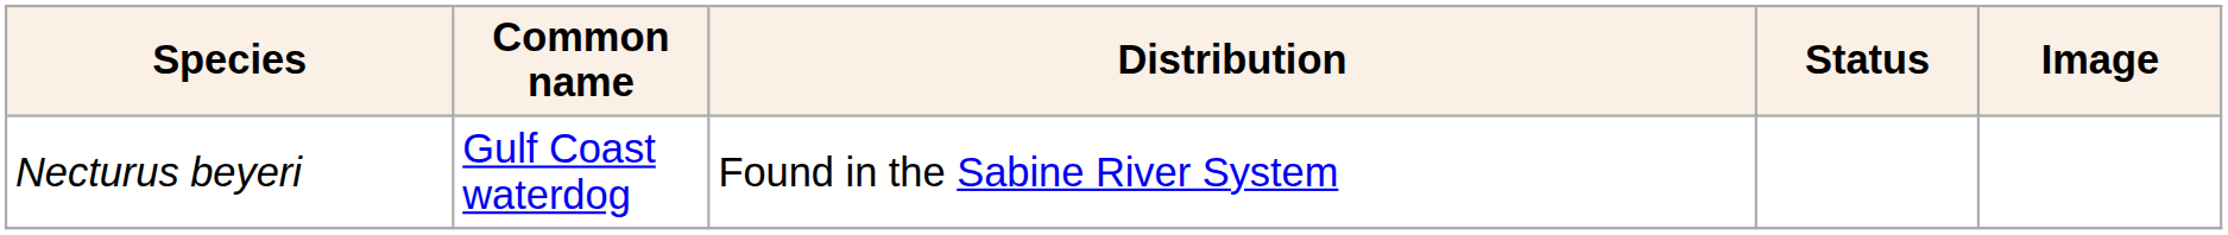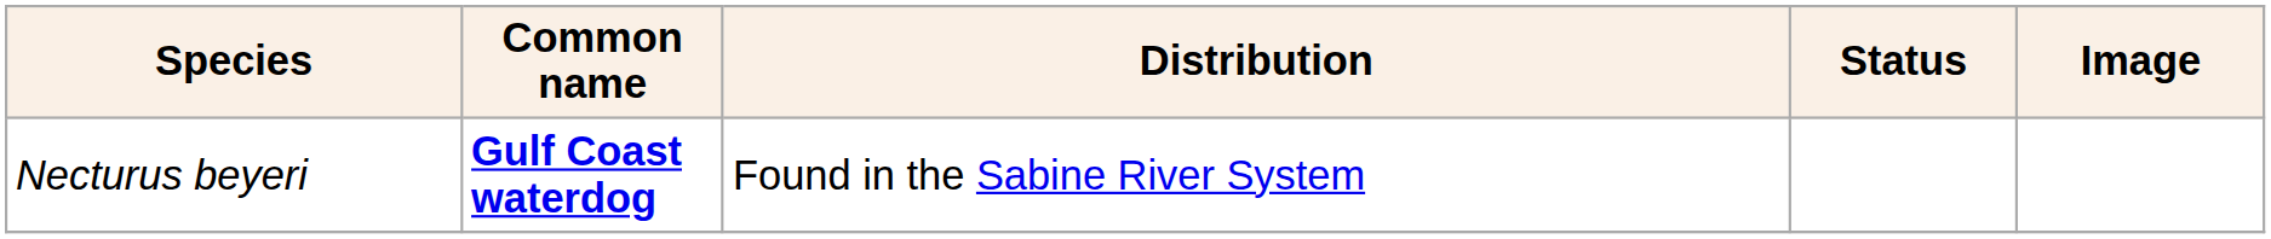 <table class="sortable wikitable plainrowheaders" border="0" style="background:#ffffff" align="top" class="sortable wikitable">
 <tr –>
 <th scope="col" style="background-color:Linen; color:Black" width=200 px>Species</th>
 <th scope="col" style="background-color:Linen; color:Black" width=100 px>Common name</th>
 <th scope="col" style="background:Linen; color:Black" width=500 px>Distribution</th>
 <th scope="col" style="background-color:Linen; color:Black" width=90 px>Status</th>
 <th scope="col" style="background:Linen; color:Black" width=100 px>Image</th>
 </tr>
 <tr>
 <td !scope="row" style="background:#ffffff"><em>Necturus beyeri</em></td>
-<td><a href='#'>Gulf Coast waterdog</a></td>
+<td><strong><a href='#'>Gulf Coast waterdog</a></strong></td>
 <td>Found in the <a href='#'>Sabine River System</a></td>
 <td style="text-align:center;"></td>
 <td></td>
 </tr>
 <tr>
 </tr>
 </table>
